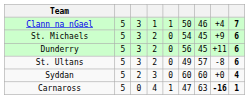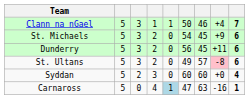 <table class="wikitable" style="text-align:center">
 <tr>
 <th style="width:175px;">Team</th>
 <th width="20"></th>
 <th width="20"></th>
 <th width="20"></th>
 <th width="20"></th>
 <th width="20"></th>
 <th width="20"></th>
 <th width="20"></th>
 <th width="20"></th>
 </tr>
 <tr style="background:#cfc;">
 <td><a href='#'>Clann na nGael</a></td>
 <td>5</td>
 <td>3</td>
 <td>1</td>
 <td>1</td>
 <td>50</td>
 <td>46</td>
 <td>+4</td>
 <td><strong>7</strong></td>
 </tr>
 <tr style="background:#cfc;">
 <td>St. Michaels</td>
 <td>5</td>
 <td>3</td>
 <td>2</td>
 <td>0</td>
 <td>54</td>
 <td>45</td>
 <td>+9</td>
 <td><strong>6</strong></td>
 </tr>
 <tr style="background:#cfc;">
 <td>Dunderry</td>
 <td>5</td>
 <td>3</td>
 <td>2</td>
 <td>0</td>
 <td>56</td>
 <td>45</td>
 <td>+11</td>
 <td><strong>6</strong></td>
 </tr>
 <tr>
 <td>St. Ultans</td>
 <td>5</td>
 <td>3</td>
 <td>2</td>
 <td>0</td>
 <td>49</td>
 <td>57</td>
-<td>-8</td>
+<td style="background: pink;">-8</td>
 <td><strong>6</strong></td>
 </tr>
 <tr>
 <td>Syddan</td>
 <td>5</td>
 <td>2</td>
 <td>3</td>
 <td>0</td>
 <td>60</td>
 <td>60</td>
 <td>+0</td>
 <td><strong>4</strong></td>
 </tr>
 <tr>
 <td>Carnaross</td>
 <td>5</td>
 <td>0</td>
 <td>4</td>
-<td>1</td>
+<td style="background: lightblue;">1</td>
 <td>47</td>
 <td>63</td>
-<td><strong>-16</strong></td>
+<td>-16</td>
 <td><strong>1</strong></td>
 </tr>
 </table>
